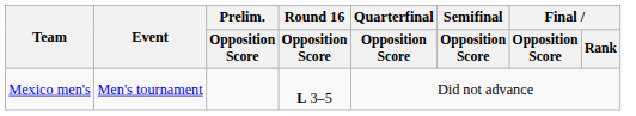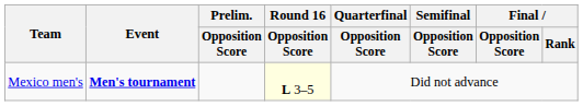 <table class="wikitable" style="font-size:90%">
 <tr>
 <th rowspan=2>Team</th>
 <th rowspan=2>Event</th>
 <th>Prelim.</th>
 <th>Round 16</th>
 <th>Quarterfinal</th>
 <th>Semifinal</th>
 <th colspan=2>Final / </th>
 </tr>
 <tr style="font-size:95%">
 <th>Opposition<br>Score</th>
 <th>Opposition<br>Score</th>
 <th>Opposition<br>Score</th>
 <th>Opposition<br>Score</th>
 <th>Opposition<br>Score</th>
 <th>Rank</th>
 </tr>
 <tr style="text-align:center">
 <td style="text-align:left"><a href='#'>Mexico men's</a></td>
-<td style="text-align:left"><a href='#'>Men's tournament</a></td>
+<td style="text-align:left"><strong><a href='#'>Men's tournament</a></strong></td>
 <td></td>
-<td><br><strong>L</strong> 3–5</td>
+<td style="background: lightyellow;"><br><strong>L</strong> 3–5</td>
 <td colspan=4>Did not advance</td>
 </tr>
 </table>
